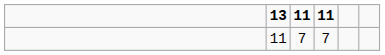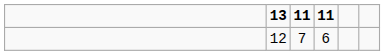 <table class="wikitable">
 <tr>
 <td style="width:18em"><strong> </strong></td>
 <td align=center style="width:1em"><strong>13</strong></td>
 <td align=center style="width:1em"><strong>11</strong></td>
 <td align=center style="width:1em"><strong>11</strong></td>
 <td align=center style="width:1em"></td>
 <td align=center style="width:1em"></td>
 </tr>
 <tr>
 <td style="width:18em"></td>
-<td align=center style="width:1em">11</td>
+<td align=center style="width:1em">12</td>
 <td align=center style="width:1em">7</td>
-<td align=center style="width:1em">7</td>
+<td align=center style="width:1em">6</td>
 <td align=center style="width:1em"></td>
 <td align=center style="width:1em"></td>
 </tr>
 </table>
